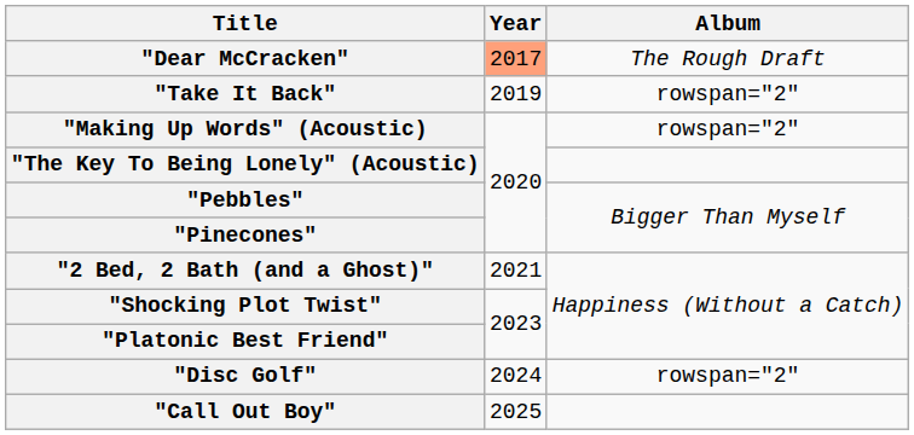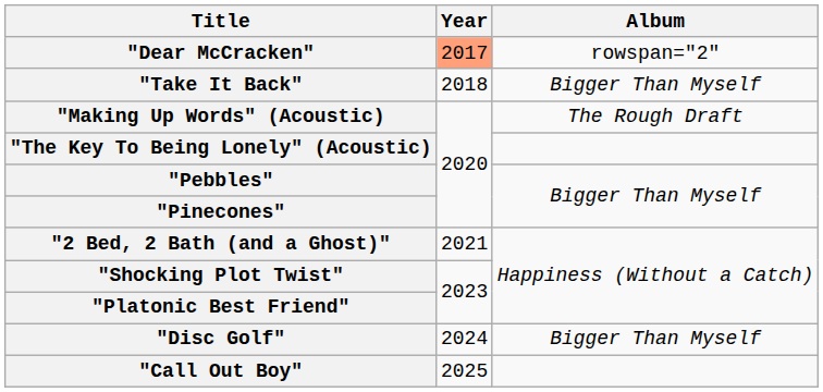 <table class="wikitable plainrowheaders" style="text-align:center;">
 <tr>
 <th>Title</th>
 <th>Year</th>
 <th>Album</th>
 </tr>
 <tr>
 <th scope="row">"Dear McCracken"</th>
 <td style="background: lightsalmon;">2017</td>
-<td><em>The Rough Draft</em></td>
+<td>rowspan="2" </td>
 </tr>
 <tr>
 <th scope="row">"Take It Back"</th>
-<td>2019</td>
-<td>rowspan="2" </td>
+<td>2018</td>
+<td><em>Bigger Than Myself</em></td>
 </tr>
 <tr>
 <th scope="row">"Making Up Words" (Acoustic)</th>
 <td rowspan="4">2020</td>
-<td>rowspan="2" </td>
+<td><em>The Rough Draft</em></td>
 </tr>
 <tr>
 <th scope="row">"The Key To Being Lonely" (Acoustic)</th>
 </tr>
 <tr>
 <th scope="row">"Pebbles"</th>
 <td rowspan="2"><em>Bigger Than Myself</em></td>
 </tr>
 <tr>
 <th scope="row">"Pinecones"</th>
 </tr>
 <tr>
 <th scope="row">"2 Bed, 2 Bath (and a Ghost)"</th>
 <td>2021</td>
 <td rowspan="3"><em>Happiness (Without a Catch)</em></td>
 </tr>
 <tr>
 <th scope="row">"Shocking Plot Twist"</th>
 <td rowspan="2">2023</td>
 </tr>
 <tr>
 <th scope="row">"Platonic Best Friend"</th>
 </tr>
 <tr>
 <th scope="row">"Disc Golf"</th>
 <td>2024</td>
-<td>rowspan="2" </td>
+<td><em>Bigger Than Myself</em></td>
 </tr>
 <tr>
 <th scope="row">"Call Out Boy"</th>
 <td>2025</td>
 </tr>
 </table>
